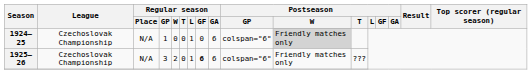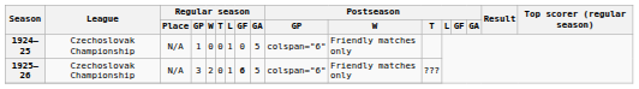 <table class="wikitable collapsible" style="text-align: center; font-size: 95%">
 <tr>
 <th rowspan="2">Season</th>
 <th rowspan="2">League</th>
 <th colspan="7">Regular season</th>
 <th colspan="6">Postseason</th>
 <th rowspan="2">Result</th>
 <th rowspan="2">Top scorer (regular season)</th>
 </tr>
 <tr>
 <th>Place</th>
 <th>GP</th>
 <th>W</th>
 <th>T</th>
 <th>L</th>
 <th>GF</th>
 <th>GA</th>
 <th>GP</th>
 <th>W</th>
 <th>T</th>
 <th>L</th>
 <th>GF</th>
 <th>GA</th>
 </tr>
 <tr>
 <th>1924–25</th>
 <td>Czechoslovak Championship</td>
 <td>N/A</td>
 <td>1</td>
 <td>0</td>
 <td>0</td>
 <td>1</td>
 <td>0</td>
-<td>6</td>
+<td>5</td>
 <td>colspan="6" </td>
-<td align=left style="background: lightgrey;">Friendly matches only</td>
+<td align=left>Friendly matches only</td>
 <td></td>
 </tr>
 <tr>
 <th>1925–26</th>
 <td>Czechoslovak Championship</td>
 <td>N/A</td>
 <td>3</td>
 <td>2</td>
 <td>0</td>
 <td>1</td>
 <td><strong>6</strong></td>
-<td>6</td>
+<td>5</td>
 <td>colspan="6" </td>
 <td align=left>Friendly matches only</td>
 <td align=centre>???</td>
 </tr>
 <tr>
 </tr>
 </table>
